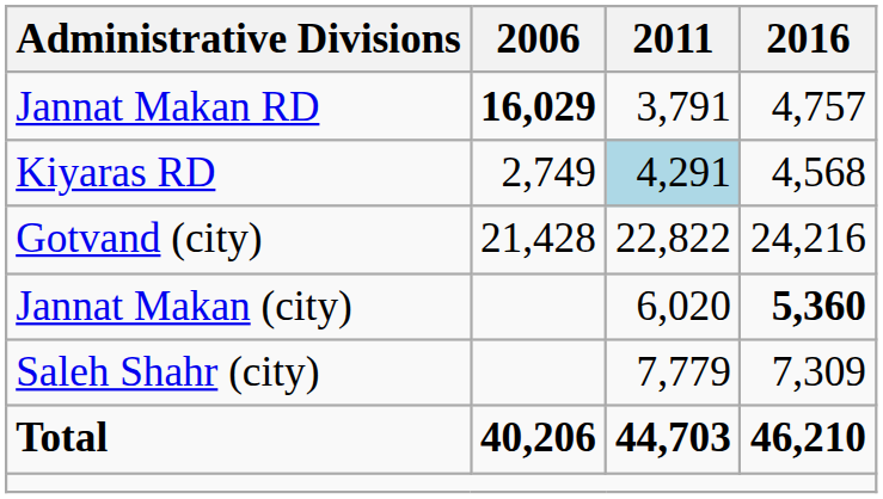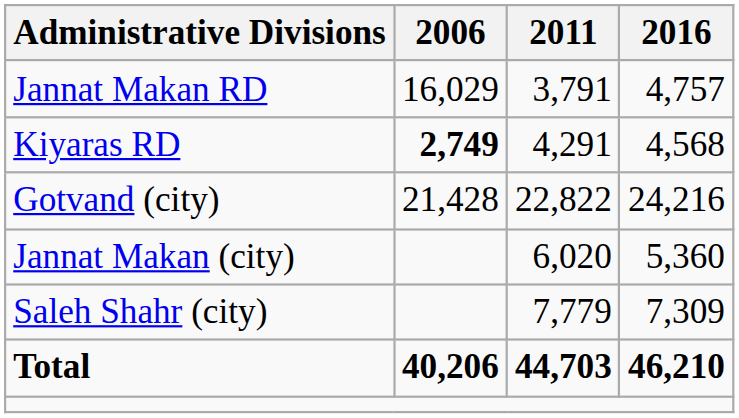 <table class="wikitable">
 <tr>
 <th>Administrative Divisions</th>
 <th>2006</th>
 <th>2011</th>
 <th>2016</th>
 </tr>
 <tr>
 <td><a href='#'>Jannat Makan RD</a></td>
-<td style="text-align: right;"><strong>16,029</strong></td>
+<td style="text-align: right;">16,029</td>
 <td style="text-align: right;">3,791</td>
 <td style="text-align: right;">4,757</td>
 </tr>
 <tr>
 <td><a href='#'>Kiyaras RD</a></td>
-<td style="text-align: right;">2,749</td>
-<td style="background: lightblue; text-align: right;">4,291</td>
+<td style="text-align: right;"><strong>2,749</strong></td>
+<td style="text-align: right;">4,291</td>
 <td style="text-align: right;">4,568</td>
 </tr>
 <tr>
 <td><a href='#'>Gotvand</a> (city)</td>
 <td style="text-align: right;">21,428</td>
 <td style="text-align: right;">22,822</td>
 <td style="text-align: right;">24,216</td>
 </tr>
 <tr>
 <td><a href='#'>Jannat Makan</a> (city)</td>
 <td style="text-align: right;"></td>
 <td style="text-align: right;">6,020</td>
-<td style="text-align: right;"><strong>5,360</strong></td>
+<td style="text-align: right;">5,360</td>
 </tr>
 <tr>
 <td><a href='#'>Saleh Shahr</a> (city)</td>
 <td style="text-align: right;"></td>
 <td style="text-align: right;">7,779</td>
 <td style="text-align: right;">7,309</td>
 </tr>
 <tr>
 <td><strong>Total</strong></td>
 <td style="text-align: right;"><strong>40,206</strong></td>
 <td style="text-align: right;"><strong>44,703</strong></td>
 <td style="text-align: right;"><strong>46,210</strong></td>
 </tr>
 <tr>
 <td colspan=4></td>
 </tr>
 </table>
